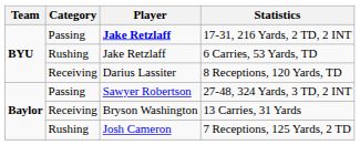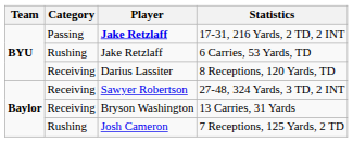 <table class="wikitable" style="float: right;">
 <tr>
 <th>Team</th>
 <th>Category</th>
 <th>Player</th>
 <th>Statistics</th>
 </tr>
 <tr>
 <td rowspan=3><strong>BYU</strong></td>
 <td>Passing</td>
 <td><strong><a href='#'>Jake Retzlaff</a></strong></td>
 <td>17-31, 216 Yards, 2 TD, 2 INT</td>
 </tr>
 <tr>
 <td>Rushing</td>
 <td>Jake Retzlaff</td>
 <td>6 Carries, 53 Yards, TD</td>
 </tr>
 <tr>
 <td>Receiving</td>
 <td>Darius Lassiter</td>
 <td>8 Receptions, 120 Yards, TD</td>
 </tr>
 <tr>
 <td rowspan=3><strong>Baylor</strong></td>
-<td>Passing</td>
+<td>Receiving</td>
 <td><a href='#'>Sawyer Robertson</a></td>
 <td>27-48, 324 Yards, 3 TD, 2 INT</td>
 </tr>
 <tr>
 <td>Receiving</td>
 <td>Bryson Washington</td>
 <td>13 Carries, 31 Yards</td>
 </tr>
 <tr>
 <td>Rushing</td>
 <td><a href='#'>Josh Cameron</a></td>
 <td>7 Receptions, 125 Yards, 2 TD</td>
 </tr>
 </table>
